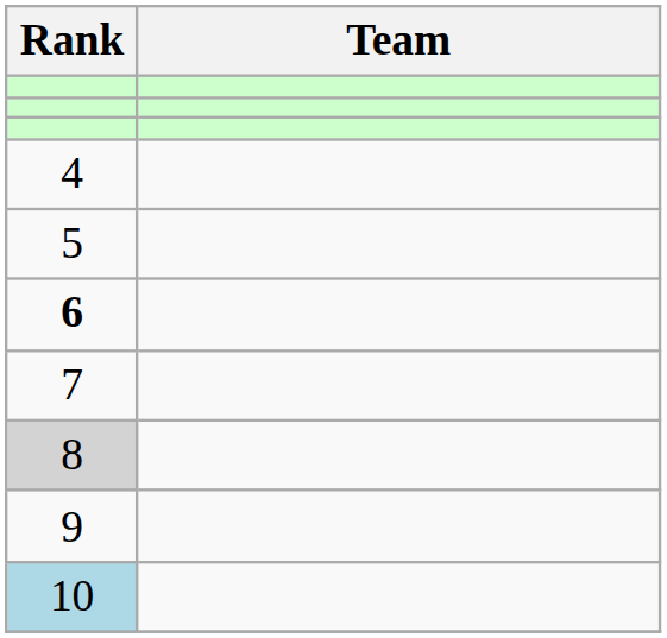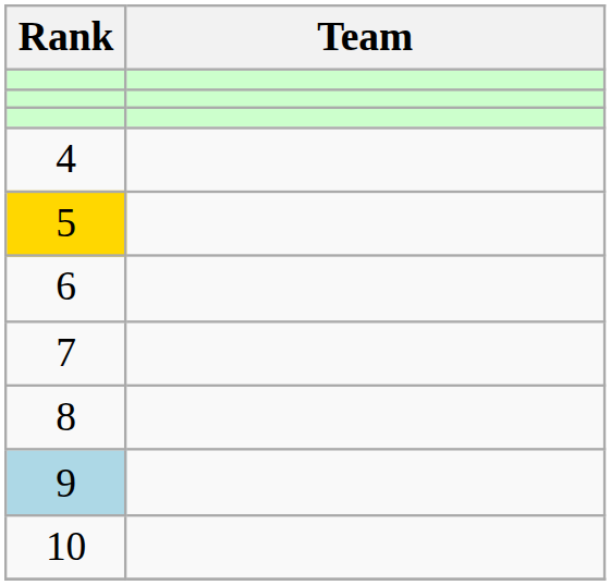 <table class="wikitable" style="text-align: center;">
 <tr>
 <th width=40>Rank</th>
 <th width=180>Team</th>
 </tr>
 <tr align=center; bgcolor=#ccffcc>
 <td></td>
 <td style="text-align:left;"></td>
 </tr>
 <tr align=center; bgcolor=#ccffcc>
 <td></td>
 <td style="text-align:left;"></td>
 </tr>
 <tr align=center; bgcolor=#ccffcc>
 <td></td>
 <td style="text-align:left;"></td>
 </tr>
 <tr align=center>
 <td>4</td>
 <td style="text-align:left;"></td>
 </tr>
 <tr align=center>
-<td>5</td>
+<td style="background: gold;">5</td>
 <td style="text-align:left;"></td>
 </tr>
 <tr align=center>
-<td><strong>6</strong></td>
+<td>6</td>
 <td style="text-align:left;"></td>
 </tr>
 <tr align=center>
 <td>7</td>
 <td style="text-align:left;"></td>
 </tr>
 <tr align=center>
-<td style="background: lightgrey;">8</td>
+<td>8</td>
 <td style="text-align:left;"></td>
 </tr>
 <tr align=center>
-<td>9</td>
+<td style="background: lightblue;">9</td>
 <td style="text-align:left;"></td>
 </tr>
 <tr align=center>
-<td style="background: lightblue;">10</td>
+<td>10</td>
 <td style="text-align:left;"></td>
 </tr>
 <tr align=center>
 </tr>
 </table>
